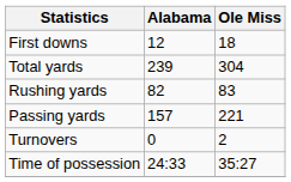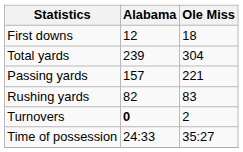 <table class="wikitable" style="float: left;">
 <tr>
 <th>Statistics</th>
 <th>Alabama</th>
 <th>Ole Miss</th>
 </tr>
 <tr>
 <td>First downs</td>
 <td>12</td>
 <td>18</td>
 </tr>
 <tr>
 <td>Total yards</td>
 <td>239</td>
 <td>304</td>
 </tr>
 <tr>
+<td>Passing yards</td>
+<td>157</td>
+<td>221</td>
+</tr>
+<tr>
 <td>Rushing yards</td>
 <td>82</td>
 <td>83</td>
 </tr>
 <tr>
-<td>Passing yards</td>
-<td>157</td>
-<td>221</td>
-</tr>
-<tr>
 <td>Turnovers</td>
-<td>0</td>
+<td><strong>0</strong></td>
 <td>2</td>
 </tr>
 <tr>
 <td>Time of possession</td>
 <td>24:33</td>
 <td>35:27</td>
 </tr>
 <tr>
 </tr>
 </table>
